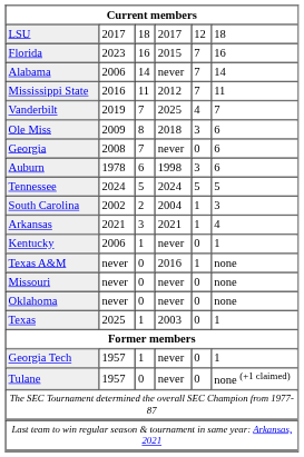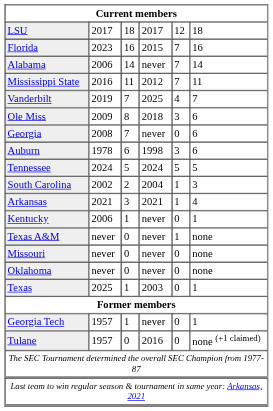 <table border="1" cellpadding="3" cellspacing="0" align="right" width="400px">
 <tr>
 </tr>
 <tr>
 <td colspan=6 align="center"><strong>Current members</strong></td>
 </tr>
 <tr>
 <td bgcolor="#efefef"><a href='#'>LSU</a></td>
 <td>2017</td>
 <td>18</td>
 <td>2017</td>
 <td>12</td>
 <td>18</td>
 </tr>
 <tr>
 <td bgcolor="#efefef"><a href='#'>Florida</a></td>
 <td>2023</td>
 <td>16</td>
 <td>2015</td>
 <td>7</td>
 <td>16</td>
 </tr>
 <tr>
 <td bgcolor="#efefef"><a href='#'>Alabama</a></td>
 <td>2006</td>
 <td>14</td>
 <td>never</td>
 <td>7</td>
 <td>14</td>
 </tr>
 <tr>
 <td bgcolor="#efefef"><a href='#'>Mississippi State</a></td>
 <td>2016</td>
 <td>11</td>
 <td>2012</td>
 <td>7</td>
 <td>11</td>
 </tr>
 <tr>
 <td bgcolor="#efefef"><a href='#'>Vanderbilt</a></td>
 <td>2019</td>
 <td>7</td>
 <td>2025</td>
 <td>4</td>
 <td>7</td>
 </tr>
 <tr>
 <td bgcolor="#efefef"><a href='#'>Ole Miss</a></td>
 <td>2009</td>
 <td>8</td>
 <td>2018</td>
 <td>3</td>
 <td>6</td>
 </tr>
 <tr>
 <td bgcolor="#efefef"><a href='#'>Georgia</a></td>
 <td>2008</td>
 <td>7</td>
 <td>never</td>
 <td>0</td>
 <td>6</td>
 </tr>
 <tr>
 <td bgcolor="#efefef"><a href='#'>Auburn</a></td>
 <td>1978</td>
 <td>6</td>
 <td>1998</td>
 <td>3</td>
 <td>6</td>
 </tr>
 <tr>
 <td bgcolor="#efefef"><a href='#'>Tennessee</a></td>
 <td>2024</td>
 <td>5</td>
 <td>2024</td>
 <td>5</td>
 <td>5</td>
 </tr>
 <tr>
 <td bgcolor="#efefef"><a href='#'>South Carolina</a></td>
 <td>2002</td>
 <td>2</td>
 <td>2004</td>
 <td>1</td>
 <td>3</td>
 </tr>
 <tr>
 <td bgcolor="#efefef"><a href='#'>Arkansas</a></td>
 <td>2021</td>
 <td>3</td>
 <td>2021</td>
 <td>1</td>
 <td>4</td>
 </tr>
 <tr>
 <td bgcolor="#efefef"><a href='#'>Kentucky</a></td>
 <td>2006</td>
 <td>1</td>
 <td>never</td>
 <td>0</td>
 <td>1</td>
 </tr>
 <tr>
 <td bgcolor="#efefef"><a href='#'>Texas A&M</a></td>
 <td>never</td>
 <td>0</td>
-<td>2016</td>
+<td>never</td>
 <td>1</td>
 <td>none</td>
 </tr>
 <tr>
 <td bgcolor="#efefef"><a href='#'>Missouri</a></td>
 <td>never</td>
 <td>0</td>
 <td>never</td>
 <td>0</td>
 <td>none</td>
 </tr>
 <tr>
 <td bgcolor="#efefef"><a href='#'>Oklahoma</a></td>
 <td>never</td>
 <td>0</td>
 <td>never</td>
 <td>0</td>
 <td>none</td>
 </tr>
 <tr>
 <td bgcolor="#efefef"><a href='#'>Texas</a></td>
 <td>2025</td>
 <td>1</td>
 <td>2003</td>
 <td>0</td>
 <td>1</td>
 </tr>
 <tr>
 <td colspan=6 align="center"><strong>Former members</strong></td>
 </tr>
 <tr>
 <td bgcolor="#efefef"><a href='#'>Georgia Tech</a></td>
 <td>1957</td>
 <td>1</td>
 <td>never</td>
 <td>0</td>
 <td>1</td>
 </tr>
 <tr>
 <td bgcolor="#efefef"><a href='#'>Tulane</a></td>
 <td>1957</td>
 <td>0</td>
-<td>never</td>
+<td>2016</td>
 <td>0</td>
 <td>none <sup>(+1 claimed)</sup></td>
 </tr>
 <tr>
 <td align="center" colspan=6 style="border-bottom:3px solid gray; font-size:smaller"><em>The SEC Tournament determined the overall SEC Champion from 1977-87</em></td>
 </tr>
 <tr>
 <td align="center" colspan=6 style="border-bottom:3px solid gray; font-size:smaller"><em>Last team to win regular season & tournament in same year: <a href='#'>Arkansas, 2021</a></em></td>
 </tr>
 </table>
